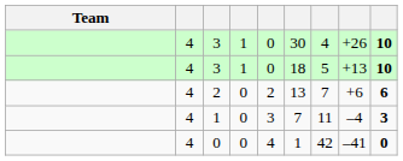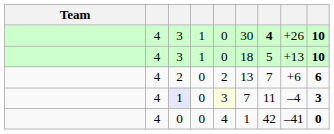 <table class="wikitable" style="text-align: center;">
 <tr>
 <th width=165>Team</th>
 <th width=20></th>
 <th width=20></th>
 <th width=20></th>
 <th width=20></th>
 <th width=20></th>
 <th width=20></th>
 <th width=20></th>
 <th width=20></th>
 </tr>
 <tr bgcolor=#ccffcc>
 <td style="text-align:left;"></td>
 <td>4</td>
 <td>3</td>
 <td>1</td>
 <td>0</td>
 <td>30</td>
-<td>4</td>
+<td><strong>4</strong></td>
 <td>+26</td>
 <td><strong>10</strong></td>
 </tr>
 <tr style="background-color: #ccffcc;">
 <td style="text-align:left;"></td>
 <td>4</td>
 <td>3</td>
 <td>1</td>
 <td>0</td>
 <td>18</td>
 <td>5</td>
 <td>+13</td>
 <td><strong>10</strong></td>
 </tr>
 <tr>
 <td style="text-align:left;"></td>
 <td>4</td>
 <td>2</td>
 <td>0</td>
 <td>2</td>
 <td>13</td>
 <td>7</td>
 <td>+6</td>
 <td><strong>6</strong></td>
 </tr>
 <tr>
 <td style="text-align:left;"></td>
 <td>4</td>
-<td>1</td>
+<td style="background: lavender;">1</td>
 <td>0</td>
-<td>3</td>
+<td style="background: lightyellow;">3</td>
 <td>7</td>
 <td>11</td>
 <td>–4</td>
 <td><strong>3</strong></td>
 </tr>
 <tr>
 <td style="text-align:left;"></td>
 <td>4</td>
 <td>0</td>
 <td>0</td>
 <td>4</td>
 <td>1</td>
 <td>42</td>
 <td>–41</td>
 <td><strong>0</strong></td>
 </tr>
 </table>
